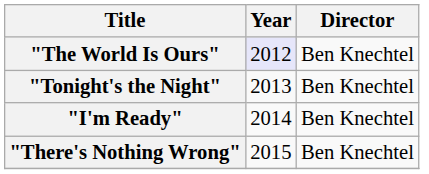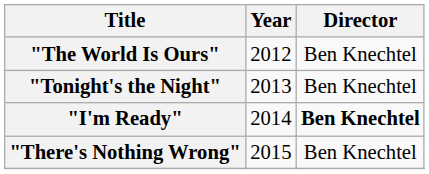 <table class="wikitable plainrowheaders" style="text-align:center;">
 <tr>
 <th scope="col">Title</th>
 <th scope="col">Year</th>
 <th scope="col">Director</th>
 </tr>
 <tr>
 <th scope="row">"The World Is Ours"</th>
-<td style="background: lavender;">2012</td>
+<td>2012</td>
 <td>Ben Knechtel</td>
 </tr>
 <tr>
 <th scope="row">"Tonight's the Night"</th>
 <td>2013</td>
 <td>Ben Knechtel</td>
 </tr>
 <tr>
 <th scope="row">"I'm Ready"</th>
 <td>2014</td>
-<td>Ben Knechtel</td>
+<td><strong>Ben Knechtel</strong></td>
 </tr>
 <tr>
 <th scope="row">"There's Nothing Wrong"</th>
 <td>2015</td>
 <td>Ben Knechtel</td>
 </tr>
 <tr>
 </tr>
 </table>
